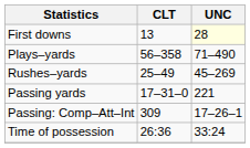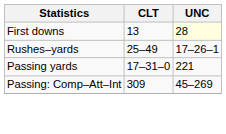 <table class="wikitable" style="float: left;">
 <tr>
 <th>Statistics</th>
 <th>CLT</th>
 <th>UNC</th>
 </tr>
 <tr>
 <td>First downs</td>
 <td>13</td>
 <td style="background: lightyellow;">28</td>
 </tr>
 <tr>
-<td>Plays–yards</td>
-<td>56–358</td>
-<td>71–490</td>
-</tr>
-<tr>
 <td>Rushes–yards</td>
 <td>25–49</td>
-<td>45–269</td>
+<td>17–26–1</td>
 </tr>
 <tr>
 <td>Passing yards</td>
 <td>17–31–0</td>
 <td>221</td>
 </tr>
 <tr>
 <td>Passing: Comp–Att–Int</td>
 <td>309</td>
-<td>17–26–1</td>
-</tr>
-<tr>
-<td>Time of possession</td>
-<td>26:36</td>
-<td>33:24</td>
+<td>45–269</td>
 </tr>
 <tr>
 </tr>
 </table>
